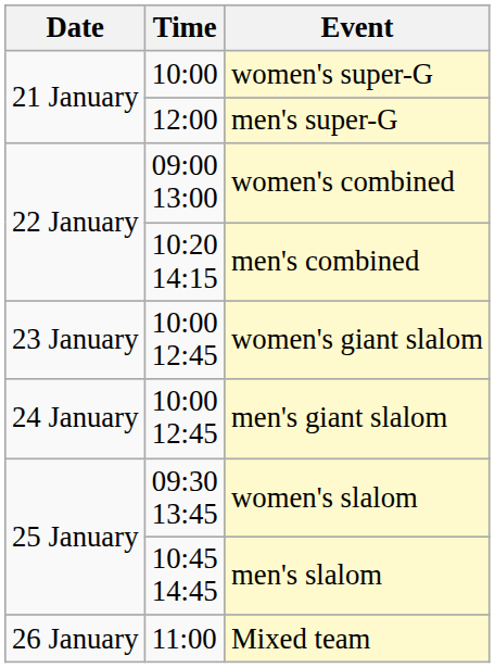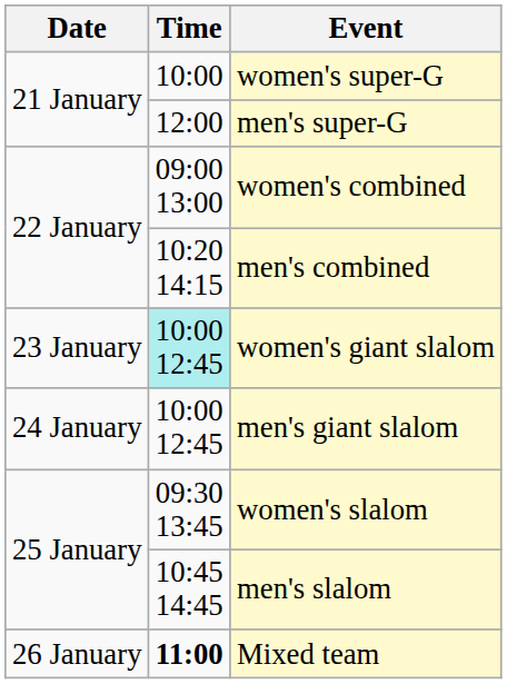 <table class=wikitable>
 <tr>
 <th>Date</th>
 <th>Time</th>
 <th>Event</th>
 </tr>
 <tr>
 <td rowspan=2>21 January</td>
 <td>10:00</td>
 <td style="background:lemonchiffon">women's super-G</td>
 </tr>
 <tr>
 <td>12:00</td>
 <td style="background:lemonchiffon">men's super-G</td>
 </tr>
 <tr>
 <td rowspan=2>22 January</td>
 <td>09:00<br>13:00</td>
 <td style="background:lemonchiffon">women's combined</td>
 </tr>
 <tr>
 <td>10:20<br>14:15</td>
 <td style="background:lemonchiffon">men's combined</td>
 </tr>
 <tr>
 <td>23 January</td>
-<td>10:00<br>12:45</td>
+<td style="background: paleturquoise;">10:00<br>12:45</td>
 <td style="background:lemonchiffon">women's giant slalom</td>
 </tr>
 <tr>
 <td>24 January</td>
 <td>10:00<br>12:45</td>
 <td style="background:lemonchiffon">men's giant slalom</td>
 </tr>
 <tr>
 <td rowspan=2>25 January</td>
 <td>09:30<br>13:45</td>
 <td style="background:lemonchiffon">women's slalom</td>
 </tr>
 <tr>
 <td>10:45<br>14:45</td>
 <td style="background:lemonchiffon">men's slalom</td>
 </tr>
 <tr>
 <td>26 January</td>
-<td>11:00</td>
+<td><strong>11:00</strong></td>
 <td style="background:lemonchiffon">Mixed team</td>
 </tr>
 </table>
